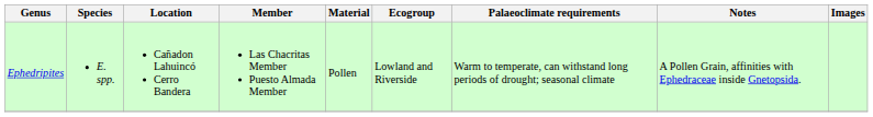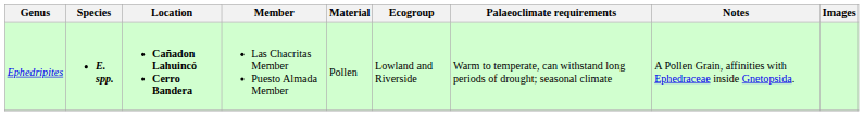 <table class="wikitable sortable">
 <tr>
 <th>Genus</th>
 <th>Species</th>
 <th>Location</th>
 <th>Member</th>
 <th>Material</th>
 <th>Ecogroup</th>
 <th>Palaeoclimate requirements</th>
 <th>Notes</th>
 <th>Images</th>
 </tr>
 <tr>
 <td style="background:#D1FFCF;"><br><em><a href='#'>Ephedripites</a></em></td>
-<td style="background:#D1FFCF;"><br><ul><li><em>E. spp.</em></li></ul></td>
-<td style="background:#D1FFCF;"><br><ul><li>Cañadon Lahuincó</li><li>Cerro Bandera</li></ul></td>
+<td style="background:#D1FFCF;"><strong><br><ul><li><em>E. spp.</em></li></ul></strong></td>
+<td style="background:#D1FFCF;"><strong><br><ul><li>Cañadon Lahuincó</li><li>Cerro Bandera</li></ul></strong></td>
 <td style="background:#D1FFCF;"><br><ul><li>Las Chacritas Member</li><li>Puesto Almada Member</li></ul></td>
 <td style="background:#D1FFCF;"><br>Pollen</td>
 <td style="background:#D1FFCF;"><br>Lowland and Riverside</td>
 <td style="background:#D1FFCF;"><br>Warm to temperate, can withstand long periods of drought; seasonal climate</td>
 <td style="background:#D1FFCF;"><br>A Pollen Grain, affinities with <a href='#'>Ephedraceae</a> inside <a href='#'>Gnetopsida</a>.</td>
 <td style="background:#D1FFCF;"><br></td>
 </tr>
 <tr>
 </tr>
 </table>
